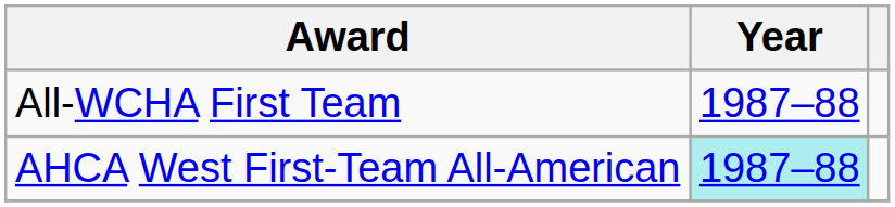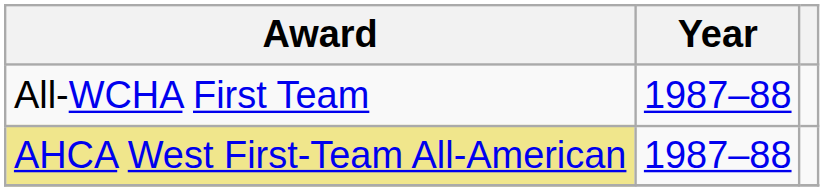 <table class="wikitable">
 <tr>
 <th>Award</th>
 <th>Year</th>
 <th></th>
 </tr>
 <tr>
 <td>All-<a href='#'>WCHA</a> <a href='#'>First Team</a></td>
 <td><a href='#'>1987–88</a></td>
 <td></td>
 </tr>
 <tr>
-<td><a href='#'>AHCA</a> <a href='#'>West First-Team All-American</a></td>
-<td style="background: paleturquoise;"><a href='#'>1987–88</a></td>
+<td style="background: khaki;"><a href='#'>AHCA</a> <a href='#'>West First-Team All-American</a></td>
+<td><a href='#'>1987–88</a></td>
 <td></td>
 </tr>
 <tr>
 </tr>
 </table>
